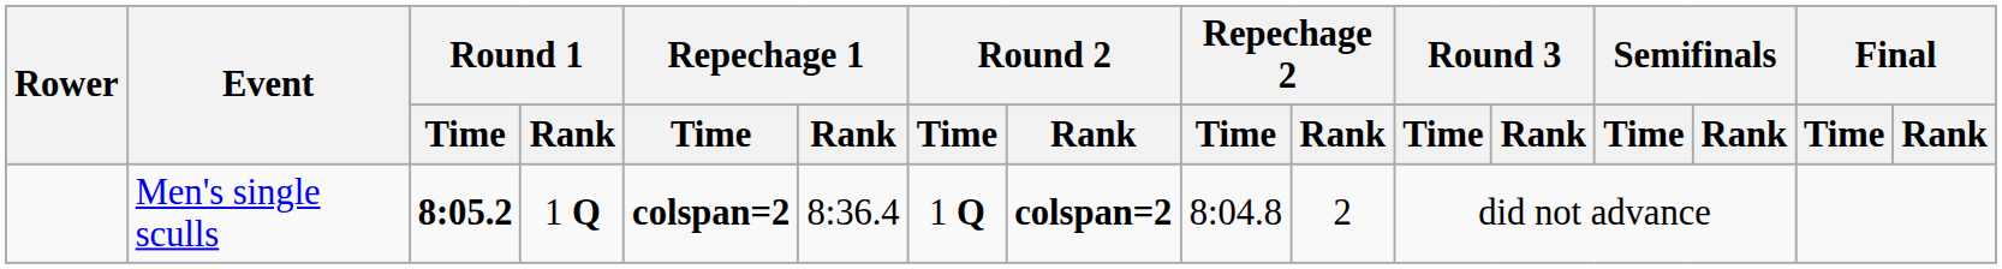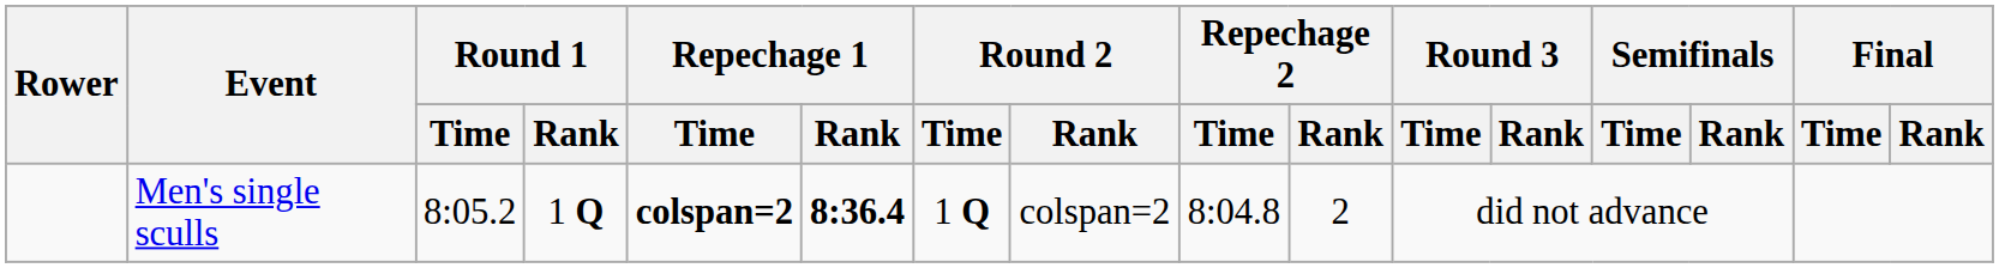 <table class="wikitable sortable" style=text-align:center>
 <tr>
 <th rowspan=2>Rower</th>
 <th rowspan=2>Event</th>
 <th colspan=2>Round 1</th>
 <th colspan=2>Repechage 1</th>
 <th colspan=2>Round 2</th>
 <th colspan=2>Repechage 2</th>
 <th colspan=2>Round 3</th>
 <th colspan=2>Semifinals</th>
 <th colspan=2>Final</th>
 </tr>
 <tr>
 <th>Time</th>
 <th>Rank</th>
 <th>Time</th>
 <th>Rank</th>
 <th>Time</th>
 <th>Rank</th>
 <th>Time</th>
 <th>Rank</th>
 <th>Time</th>
 <th>Rank</th>
 <th>Time</th>
 <th>Rank</th>
 <th>Time</th>
 <th>Rank</th>
 </tr>
 <tr>
 <td align=left></td>
 <td align=left><a href='#'>Men's single sculls</a></td>
-<td><strong>8:05.2</strong></td>
+<td>8:05.2</td>
 <td>1 <strong>Q</strong></td>
 <td><strong>colspan=2 </strong></td>
-<td>8:36.4</td>
+<td><strong>8:36.4</strong></td>
 <td>1 <strong>Q</strong></td>
-<td><strong>colspan=2 </strong></td>
+<td>colspan=2 </td>
 <td>8:04.8</td>
 <td>2</td>
 <td colspan=4>did not advance</td>
 </tr>
 </table>
